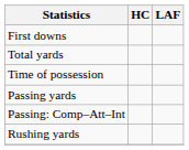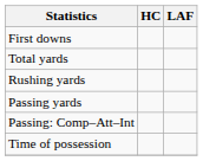 <table class="wikitable" style="float: left;">
 <tr>
 <th>Statistics</th>
 <th>HC</th>
 <th>LAF</th>
 </tr>
 <tr>
 <td>First downs</td>
 <td></td>
 <td></td>
 </tr>
 <tr>
 <td>Total yards</td>
 <td></td>
 <td></td>
 </tr>
 <tr>
-<td>Time of possession</td>
+<td>Rushing yards</td>
 <td></td>
 <td></td>
 </tr>
 <tr>
 <td>Passing yards</td>
 <td></td>
 <td></td>
 </tr>
 <tr>
 <td>Passing: Comp–Att–Int</td>
 <td></td>
 <td></td>
 </tr>
 <tr>
-<td>Rushing yards</td>
+<td>Time of possession</td>
 <td></td>
 <td></td>
 </tr>
 <tr>
 </tr>
 </table>
